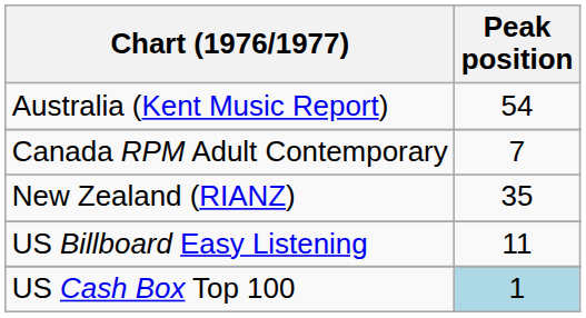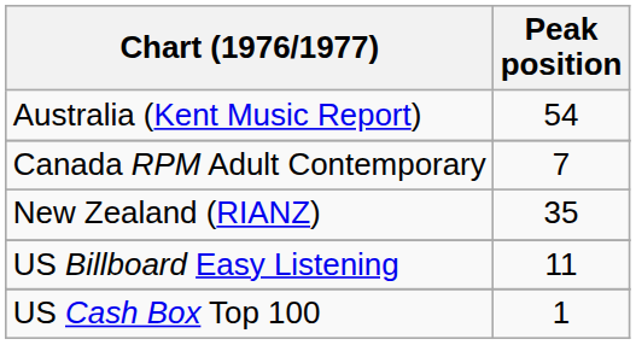 <table class="wikitable sortable">
 <tr>
 <th>Chart (1976/1977)</th>
 <th>Peak<br>position</th>
 </tr>
 <tr>
 <td>Australia (<a href='#'>Kent Music Report</a>)</td>
 <td style="text-align:center;">54</td>
 </tr>
 <tr>
 </tr>
 <tr>
 <td>Canada <em>RPM</em> Adult Contemporary</td>
 <td style="text-align:center;">7</td>
 </tr>
 <tr>
 <td>New Zealand (<a href='#'>RIANZ</a>)</td>
 <td style="text-align:center;">35</td>
 </tr>
 <tr>
 </tr>
 <tr>
 </tr>
 <tr>
 <td>US <em>Billboard</em> <a href='#'>Easy Listening</a></td>
 <td style="text-align:center;">11</td>
 </tr>
 <tr>
 </tr>
 <tr>
 <td>US <em><a href='#'>Cash Box</a></em> Top 100</td>
-<td style="background: lightblue; text-align:center;">1</td>
+<td style="text-align:center;">1</td>
 </tr>
 </table>
